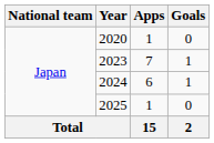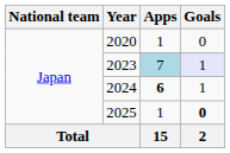 <table class="wikitable" style="text-align:center">
 <tr>
 <th>National team</th>
 <th>Year</th>
 <th>Apps</th>
 <th>Goals</th>
 </tr>
 <tr>
 <td rowspan="4"><a href='#'>Japan</a></td>
 <td>2020</td>
 <td>1</td>
 <td>0</td>
 </tr>
 <tr>
 <td>2023</td>
-<td>7</td>
-<td>1</td>
+<td style="background: lightblue;">7</td>
+<td style="background: lavender;">1</td>
 </tr>
 <tr>
 <td>2024</td>
-<td>6</td>
+<td><strong>6</strong></td>
 <td>1</td>
 </tr>
 <tr>
 <td>2025</td>
 <td>1</td>
-<td>0</td>
+<td><strong>0</strong></td>
 </tr>
 <tr>
 <th colspan="2">Total</th>
 <th>15</th>
 <th>2</th>
 </tr>
 </table>
